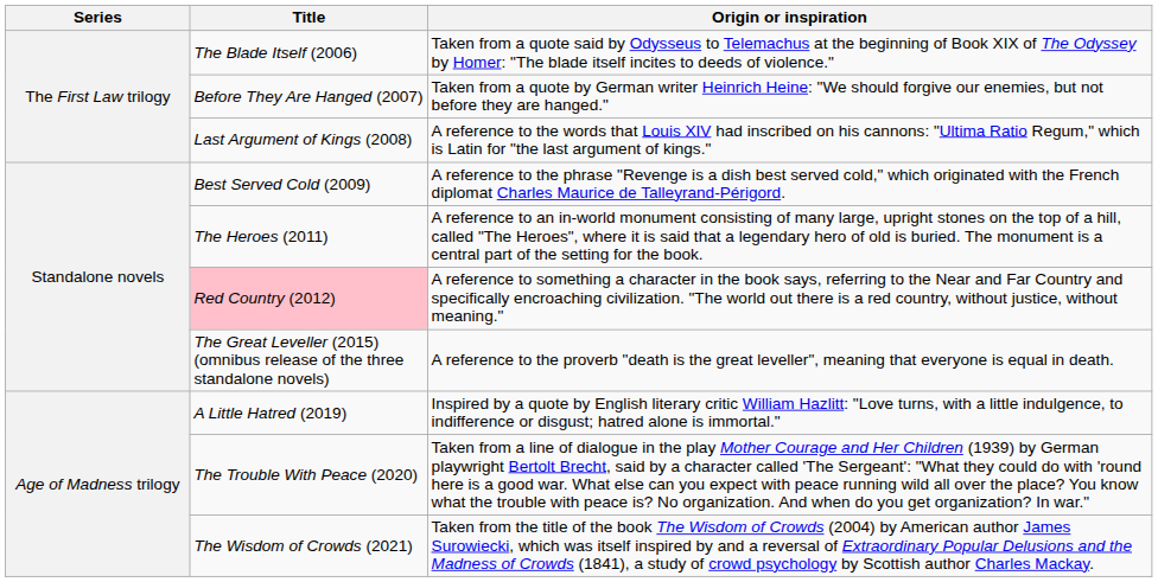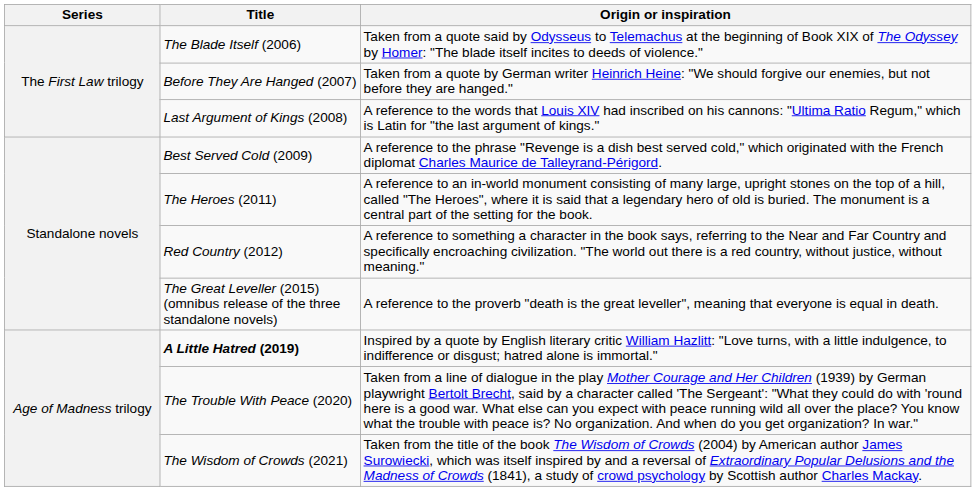 <table class="wikitable sortable" style="max-width: 90%">
 <tr>
 <th scope=col style="min-width: 11em">Series</th>
 <th scope=col style="min-width: 12em">Title</th>
 <th scope=col>Origin or inspiration</th>
 </tr>
 <tr>
 <th scope=row style="font-weight: normal" rowspan=3>The <em>First Law</em> trilogy</th>
 <td><em>The Blade Itself</em> (2006)</td>
 <td>Taken from a quote said by <a href='#'>Odysseus</a> to <a href='#'>Telemachus</a> at the beginning of Book XIX of <em><a href='#'>The Odyssey</a></em> by <a href='#'>Homer</a>: "The blade itself incites to deeds of violence."</td>
 </tr>
 <tr>
 <td><em>Before They Are Hanged</em> (2007)</td>
 <td>Taken from a quote by German writer <a href='#'>Heinrich Heine</a>: "We should forgive our enemies, but not before they are hanged."</td>
 </tr>
 <tr>
 <td><em>Last Argument of Kings</em> (2008)</td>
 <td>A reference to the words that <a href='#'>Louis XIV</a> had inscribed on his cannons: "<a href='#'>Ultima Ratio</a> Regum," which is Latin for "the last argument of kings."</td>
 </tr>
 <tr>
 <th scope=row style="font-weight: normal" rowspan=4>Standalone novels</th>
 <td><em>Best Served Cold</em> (2009)</td>
 <td>A reference to the phrase "Revenge is a dish best served cold," which originated with the French diplomat <a href='#'>Charles Maurice de Talleyrand-Périgord</a>.</td>
 </tr>
 <tr>
 <td><em>The Heroes</em> (2011)</td>
 <td>A reference to an in-world monument consisting of many large, upright stones on the top of a hill, called "The Heroes", where it is said that a legendary hero of old is buried. The monument is a central part of the setting for the book.</td>
 </tr>
 <tr>
-<td style="background: pink;"><em>Red Country</em> (2012)</td>
+<td><em>Red Country</em> (2012)</td>
 <td>A reference to something a character in the book says, referring to the Near and Far Country and specifically encroaching civilization. "The world out there is a red country, without justice, without meaning."</td>
 </tr>
 <tr>
 <td><em>The Great Leveller</em> (2015)<br>(omnibus release of the three standalone novels)</td>
 <td>A reference to the proverb "death is the great leveller", meaning that everyone is equal in death.</td>
 </tr>
 <tr>
 <th scope=row style="font-weight: normal" rowspan=3><em>Age of Madness</em> trilogy</th>
-<td><em>A Little Hatred</em> (2019)</td>
+<td><strong><em>A Little Hatred</em> (2019)</strong></td>
 <td>Inspired by a quote by English literary critic <a href='#'>William Hazlitt</a>: "Love turns, with a little indulgence, to indifference or disgust; hatred alone is immortal."</td>
 </tr>
 <tr>
 <td><em>The Trouble With Peace</em> (2020)</td>
 <td>Taken from a line of dialogue in the play <em><a href='#'>Mother Courage and Her Children</a></em> (1939) by German playwright <a href='#'>Bertolt Brecht</a>, said by a character called 'The Sergeant': "What they could do with 'round here is a good war. What else can you expect with peace running wild all over the place? You know what the trouble with peace is? No organization. And when do you get organization? In war."</td>
 </tr>
 <tr>
 <td><em>The Wisdom of Crowds</em> (2021)</td>
 <td>Taken from the title of the book <em><a href='#'>The Wisdom of Crowds</a></em> (2004) by American author <a href='#'>James Surowiecki</a>, which was itself inspired by and a reversal of <em><a href='#'>Extraordinary Popular Delusions and the Madness of Crowds</a></em> (1841), a study of <a href='#'>crowd psychology</a> by Scottish author <a href='#'>Charles Mackay</a>.</td>
 </tr>
 </table>
